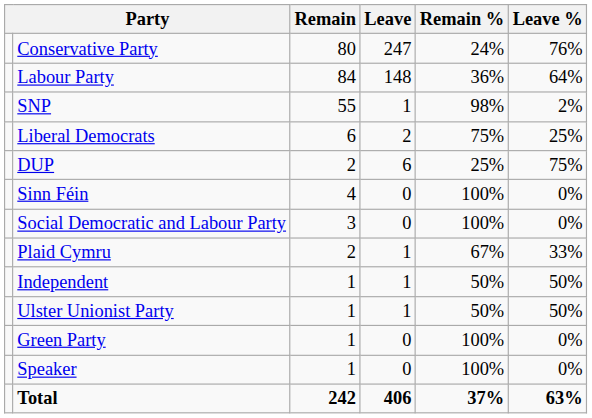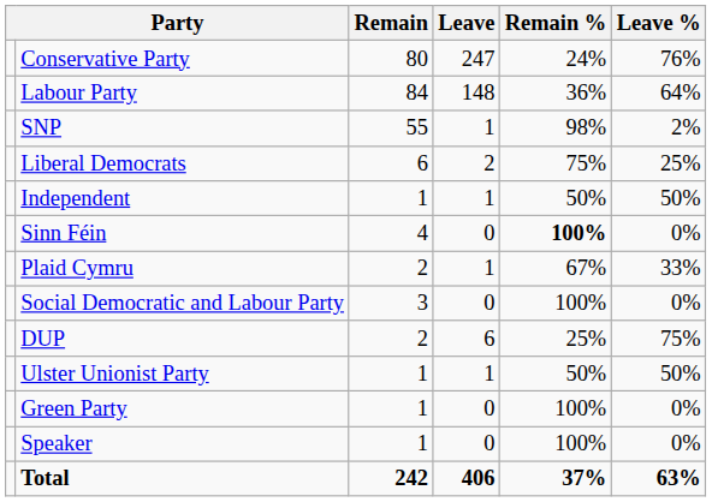 <table class="wikitable sortable">
 <tr>
 <th colspan=2>Party</th>
 <th>Remain</th>
 <th>Leave</th>
 <th>Remain %</th>
 <th>Leave %</th>
 </tr>
 <tr>
 <td style="color:inherit;background:"></td>
 <td><a href='#'>Conservative Party</a></td>
 <td style="text-align:right;">80</td>
 <td style="text-align:right;">247</td>
 <td style="text-align:right;">24%</td>
 <td style="text-align:right;">76%</td>
 </tr>
 <tr>
 <td style="color:inherit;background:"></td>
 <td><a href='#'>Labour Party</a></td>
 <td style="text-align:right;">84</td>
 <td style="text-align:right;">148</td>
 <td style="text-align:right;">36%</td>
 <td style="text-align:right;">64%</td>
 </tr>
 <tr>
 <td style="color:inherit;background:"></td>
 <td><a href='#'>SNP</a></td>
 <td style="text-align:right;">55</td>
 <td style="text-align:right;">1</td>
 <td style="text-align:right;">98%</td>
 <td style="text-align:right;">2%</td>
 </tr>
 <tr>
 <td style="color:inherit;background:"></td>
 <td><a href='#'>Liberal Democrats</a></td>
 <td style="text-align:right;">6</td>
 <td style="text-align:right;">2</td>
 <td style="text-align:right;">75%</td>
 <td style="text-align:right;">25%</td>
 </tr>
 <tr>
 <td style="color:inherit;background:"></td>
-<td><a href='#'>DUP</a></td>
-<td style="text-align:right;">2</td>
-<td style="text-align:right;">6</td>
-<td style="text-align:right;">25%</td>
-<td style="text-align:right;">75%</td>
+<td><a href='#'>Independent</a></td>
+<td style="text-align:right;">1</td>
+<td style="text-align:right;">1</td>
+<td style="text-align:right;">50%</td>
+<td style="text-align:right;">50%</td>
 </tr>
 <tr>
 <td style="color:inherit;background:"></td>
 <td><a href='#'>Sinn Féin</a></td>
 <td style="text-align:right;">4</td>
 <td style="text-align:right;">0</td>
-<td style="text-align:right;">100%</td>
-<td style="text-align:right;">0%</td>
-</tr>
-<tr>
-<td style="color:inherit;background:"></td>
-<td><a href='#'>Social Democratic and Labour Party</a></td>
-<td style="text-align:right;">3</td>
-<td style="text-align:right;">0</td>
-<td style="text-align:right;">100%</td>
+<td style="text-align:right;"><strong>100%</strong></td>
 <td style="text-align:right;">0%</td>
 </tr>
 <tr>
 <td style="color:inherit;background:"></td>
 <td><a href='#'>Plaid Cymru</a></td>
 <td style="text-align:right;">2</td>
 <td style="text-align:right;">1</td>
 <td style="text-align:right;">67%</td>
 <td style="text-align:right;">33%</td>
 </tr>
 <tr>
 <td style="color:inherit;background:"></td>
-<td><a href='#'>Independent</a></td>
-<td style="text-align:right;">1</td>
-<td style="text-align:right;">1</td>
-<td style="text-align:right;">50%</td>
-<td style="text-align:right;">50%</td>
+<td><a href='#'>Social Democratic and Labour Party</a></td>
+<td style="text-align:right;">3</td>
+<td style="text-align:right;">0</td>
+<td style="text-align:right;">100%</td>
+<td style="text-align:right;">0%</td>
+</tr>
+<tr>
+<td style="color:inherit;background:"></td>
+<td><a href='#'>DUP</a></td>
+<td style="text-align:right;">2</td>
+<td style="text-align:right;">6</td>
+<td style="text-align:right;">25%</td>
+<td style="text-align:right;">75%</td>
 </tr>
 <tr>
 <td style="color:inherit;background:"></td>
 <td><a href='#'>Ulster Unionist Party</a></td>
 <td style="text-align:right;">1</td>
 <td style="text-align:right;">1</td>
 <td style="text-align:right;">50%</td>
 <td style="text-align:right;">50%</td>
 </tr>
 <tr>
 <td style="color:inherit;background:"></td>
 <td><a href='#'>Green Party</a></td>
 <td style="text-align:right;">1</td>
 <td style="text-align:right;">0</td>
 <td style="text-align:right;">100%</td>
 <td style="text-align:right;">0%</td>
 </tr>
 <tr>
 <td style="color:inherit;background:"></td>
 <td><a href='#'>Speaker</a></td>
 <td style="text-align:right;">1</td>
 <td style="text-align:right;">0</td>
 <td style="text-align:right;">100%</td>
 <td style="text-align:right;">0%</td>
 </tr>
 <tr class="sortbottom">
 <td></td>
 <td><strong>Total</strong></td>
 <td style="text-align:right;"><strong>242</strong></td>
 <td style="text-align:right;"><strong>406</strong></td>
 <td style="text-align:right;"><strong>37%</strong></td>
 <td style="text-align:right;"><strong>63%</strong></td>
 </tr>
 </table>
